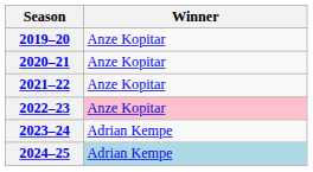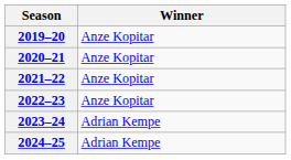 <table class="wikitable">
 <tr>
 <th scope="col" style="width:5em">Season</th>
 <th scope="col" style="width:15em">Winner</th>
 </tr>
 <tr>
 <th scope="row"><a href='#'>2019–20</a></th>
 <td><a href='#'>Anze Kopitar</a></td>
 </tr>
 <tr>
 <th scope="row"><a href='#'>2020–21</a></th>
 <td><a href='#'>Anze Kopitar</a></td>
 </tr>
 <tr>
 <th scope="row"><a href='#'>2021–22</a></th>
 <td><a href='#'>Anze Kopitar</a></td>
 </tr>
 <tr>
 <th scope="row"><a href='#'>2022–23</a></th>
-<td style="background: pink;"><a href='#'>Anze Kopitar</a></td>
+<td><a href='#'>Anze Kopitar</a></td>
 </tr>
 <tr>
 <th scope="row"><a href='#'>2023–24</a></th>
 <td><a href='#'>Adrian Kempe</a></td>
 </tr>
 <tr>
 <th scope="row"><a href='#'>2024–25</a></th>
-<td style="background: lightblue;"><a href='#'>Adrian Kempe</a></td>
+<td><a href='#'>Adrian Kempe</a></td>
 </tr>
 </table>
